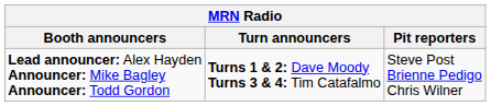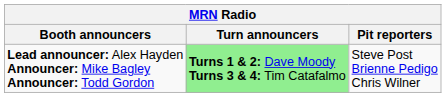 <table class="wikitable" style="font-size: 95%">
 <tr>
 <th colspan="3"><a href='#'>MRN</a> Radio</th>
 </tr>
 <tr>
 <th>Booth announcers</th>
 <th>Turn announcers</th>
 <th>Pit reporters</th>
 </tr>
 <tr>
 <td><strong>Lead announcer:</strong> Alex Hayden<br><strong>Announcer:</strong> <a href='#'>Mike Bagley</a><br><strong>Announcer:</strong> <a href='#'>Todd Gordon</a></td>
-<td><strong>Turns 1 & 2:</strong> <a href='#'>Dave Moody</a><br><strong>Turns 3 & 4:</strong> Tim Catafalmo</td>
+<td style="background: lightgreen;"><strong>Turns 1 & 2:</strong> <a href='#'>Dave Moody</a><br><strong>Turns 3 & 4:</strong> Tim Catafalmo</td>
 <td>Steve Post<br><a href='#'>Brienne Pedigo</a><br>Chris Wilner</td>
 </tr>
 </table>
